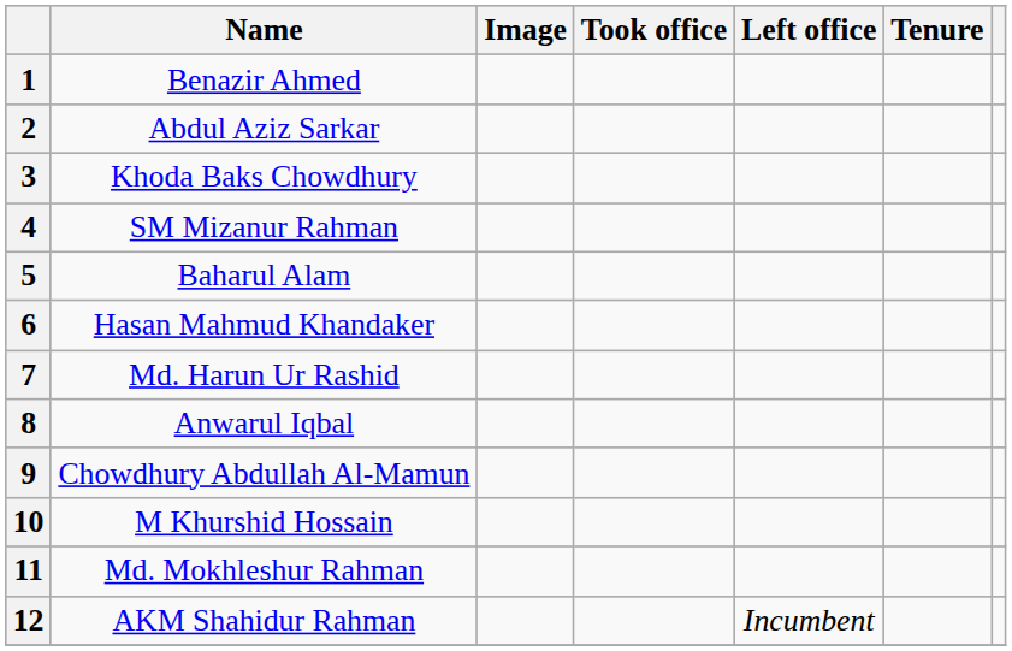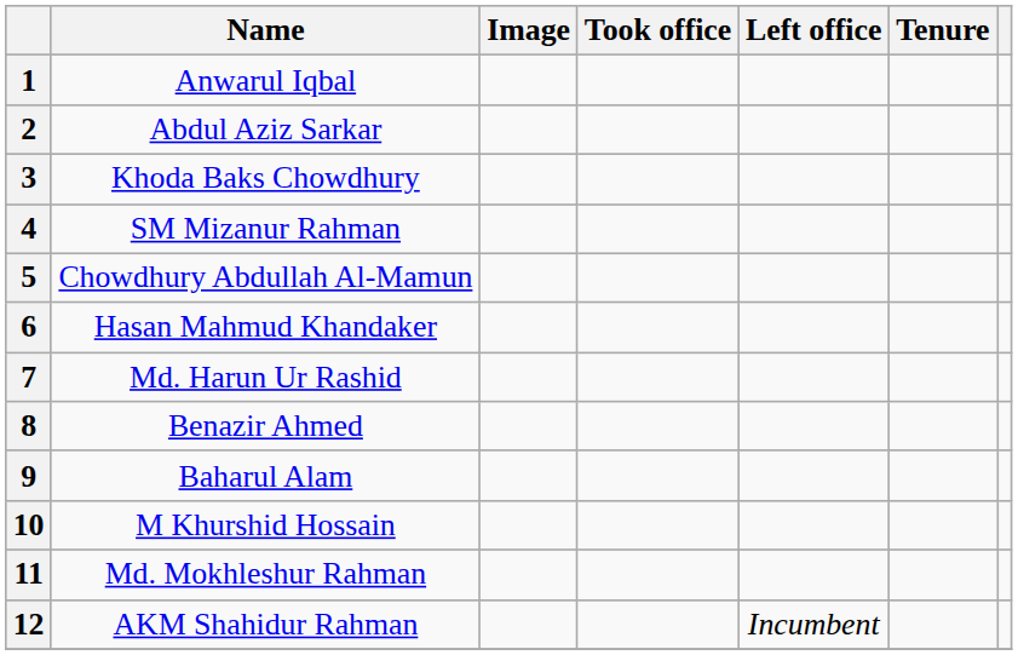 <table class="wikitable sortable" style="text-align:center">
 <tr>
 <th scope=col></th>
 <th scope=col>Name</th>
 <th scope=col  class=unsortable>Image</th>
 <th scope=col>Took office</th>
 <th scope=col>Left office</th>
 <th scope=col>Tenure</th>
 <th scope=col class=unsortable></th>
 </tr>
 <tr>
 <th scope=row>1</th>
-<td><a href='#'>Benazir Ahmed</a></td>
+<td><a href='#'>Anwarul Iqbal</a></td>
 <td></td>
 <td></td>
 <td></td>
 <td></td>
 <td></td>
 </tr>
 <tr>
 <th scope=row>2</th>
 <td><a href='#'>Abdul Aziz Sarkar</a></td>
 <td></td>
 <td></td>
 <td></td>
 <td></td>
 <td></td>
 </tr>
 <tr>
 <th scope=row>3</th>
 <td><a href='#'>Khoda Baks Chowdhury</a></td>
 <td></td>
 <td></td>
 <td></td>
 <td></td>
 <td></td>
 </tr>
 <tr>
 <th scope=row>4</th>
 <td><a href='#'>SM Mizanur Rahman</a></td>
 <td></td>
 <td></td>
 <td></td>
 <td></td>
 <td></td>
 </tr>
 <tr>
 <th scope=row>5</th>
-<td><a href='#'>Baharul Alam</a></td>
+<td><a href='#'>Chowdhury Abdullah Al-Mamun</a></td>
 <td></td>
 <td></td>
 <td></td>
 <td></td>
 <td></td>
 </tr>
 <tr>
 <th scope=row>6</th>
 <td><a href='#'>Hasan Mahmud Khandaker</a></td>
 <td></td>
 <td></td>
 <td></td>
 <td></td>
 <td></td>
 </tr>
 <tr>
 <th scope=row>7</th>
 <td><a href='#'>Md. Harun Ur Rashid</a></td>
 <td></td>
 <td></td>
 <td></td>
 <td></td>
 <td></td>
 </tr>
 <tr>
 <th scope=row>8</th>
-<td><a href='#'>Anwarul Iqbal</a></td>
+<td><a href='#'>Benazir Ahmed</a></td>
 <td></td>
 <td></td>
 <td></td>
 <td></td>
 <td></td>
 </tr>
 <tr>
 <th scope=row>9</th>
-<td><a href='#'>Chowdhury Abdullah Al-Mamun</a></td>
+<td><a href='#'>Baharul Alam</a></td>
 <td></td>
 <td></td>
 <td></td>
 <td></td>
 <td></td>
 </tr>
 <tr>
 <th scope=row>10</th>
 <td><a href='#'>M Khurshid Hossain</a></td>
 <td></td>
 <td></td>
 <td></td>
 <td></td>
 <td></td>
 </tr>
 <tr>
 <th scope=row>11</th>
 <td><a href='#'>Md. Mokhleshur Rahman</a></td>
 <td></td>
 <td></td>
 <td></td>
 <td></td>
 <td></td>
 </tr>
 <tr>
 <th scope=row>12</th>
 <td><a href='#'>AKM Shahidur Rahman</a></td>
 <td></td>
 <td></td>
 <td><em>Incumbent</em></td>
 <td></td>
 <td></td>
 </tr>
 <tr>
 </tr>
 </table>
